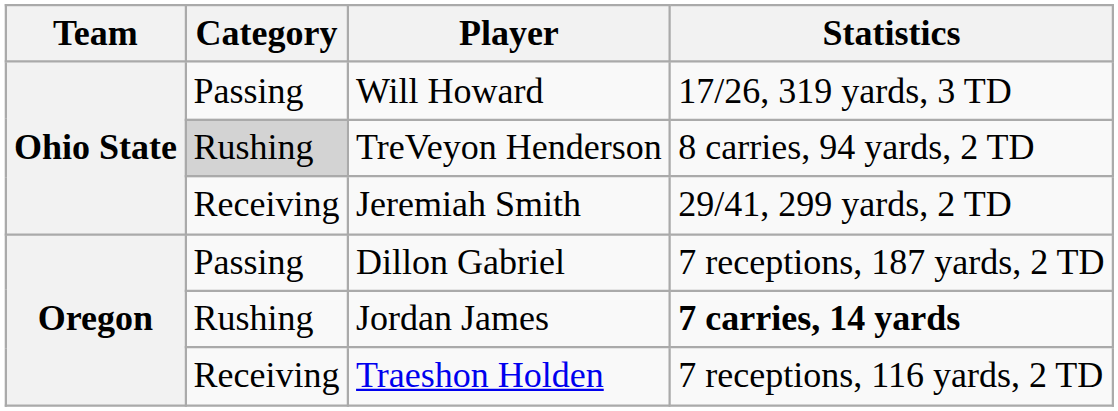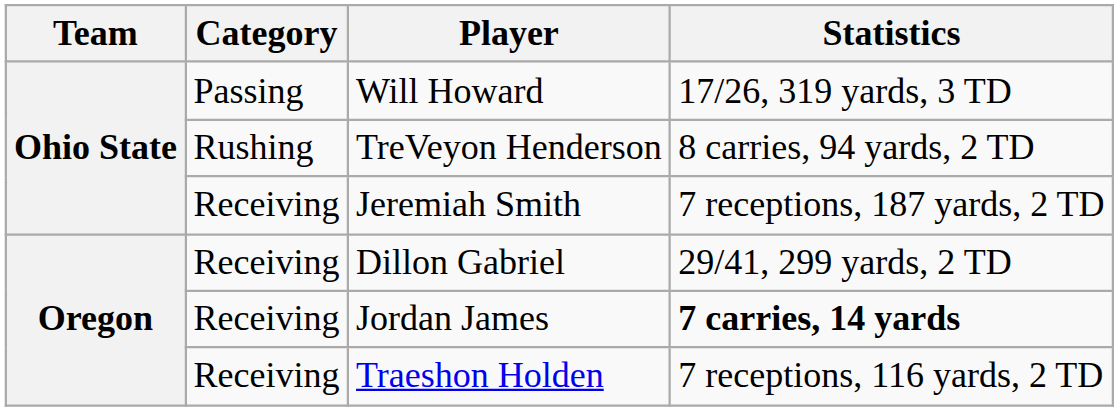 <table class="wikitable" style="float:right">
 <tr>
 <th>Team</th>
 <th>Category</th>
 <th>Player</th>
 <th>Statistics</th>
 </tr>
 <tr>
 <th rowspan=3>Ohio State</th>
 <td>Passing</td>
 <td>Will Howard</td>
 <td>17/26, 319 yards, 3 TD</td>
 </tr>
 <tr>
-<td style="background: lightgrey;">Rushing</td>
+<td>Rushing</td>
 <td>TreVeyon Henderson</td>
 <td>8 carries, 94 yards, 2 TD</td>
 </tr>
 <tr>
 <td>Receiving</td>
 <td>Jeremiah Smith</td>
+<td>7 receptions, 187 yards, 2 TD</td>
+</tr>
+<tr>
+<th rowspan=3>Oregon</th>
+<td>Receiving</td>
+<td>Dillon Gabriel</td>
 <td>29/41, 299 yards, 2 TD</td>
 </tr>
 <tr>
-<th rowspan=3>Oregon</th>
-<td>Passing</td>
-<td>Dillon Gabriel</td>
-<td>7 receptions, 187 yards, 2 TD</td>
-</tr>
-<tr>
-<td>Rushing</td>
+<td>Receiving</td>
 <td>Jordan James</td>
 <td><strong>7 carries, 14 yards</strong></td>
 </tr>
 <tr>
 <td>Receiving</td>
 <td><a href='#'>Traeshon Holden</a></td>
 <td>7 receptions, 116 yards, 2 TD</td>
 </tr>
 </table>
